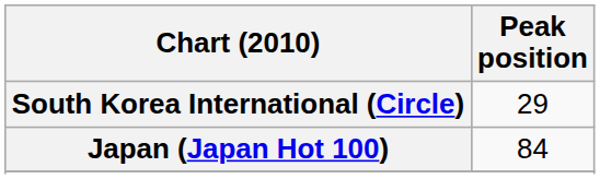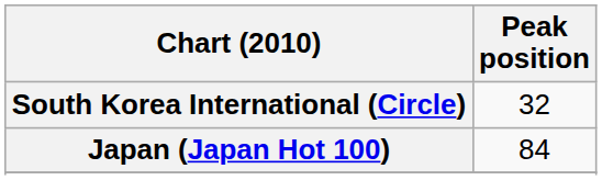 <table class="wikitable sortable plainrowheaders">
 <tr>
 <th align="center">Chart (2010)</th>
 <th align="center">Peak<br>position</th>
 </tr>
 <tr>
 <th scope="row">South Korea International (<a href='#'>Circle</a>)</th>
-<td align="center">29</td>
+<td align="center">32</td>
 </tr>
 <tr>
 <th scope="row">Japan (<a href='#'>Japan Hot 100</a>)</th>
 <td style="text-align:center">84</td>
 </tr>
 <tr>
 </tr>
 <tr>
 </tr>
 <tr>
 </tr>
 </table>
